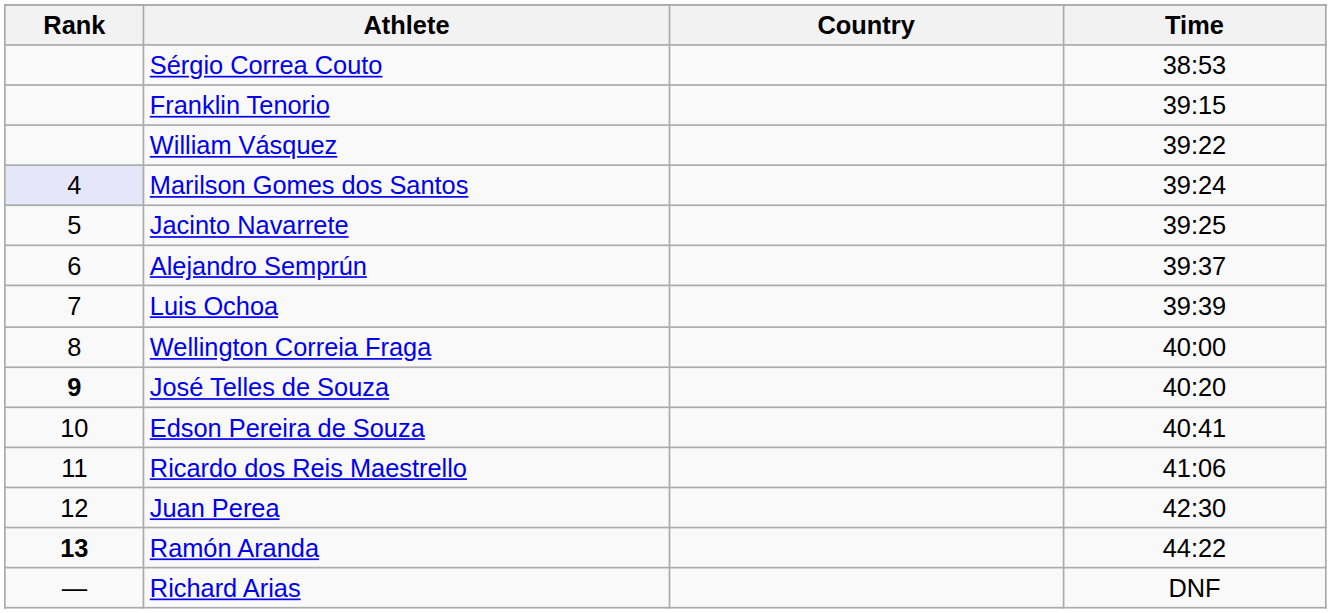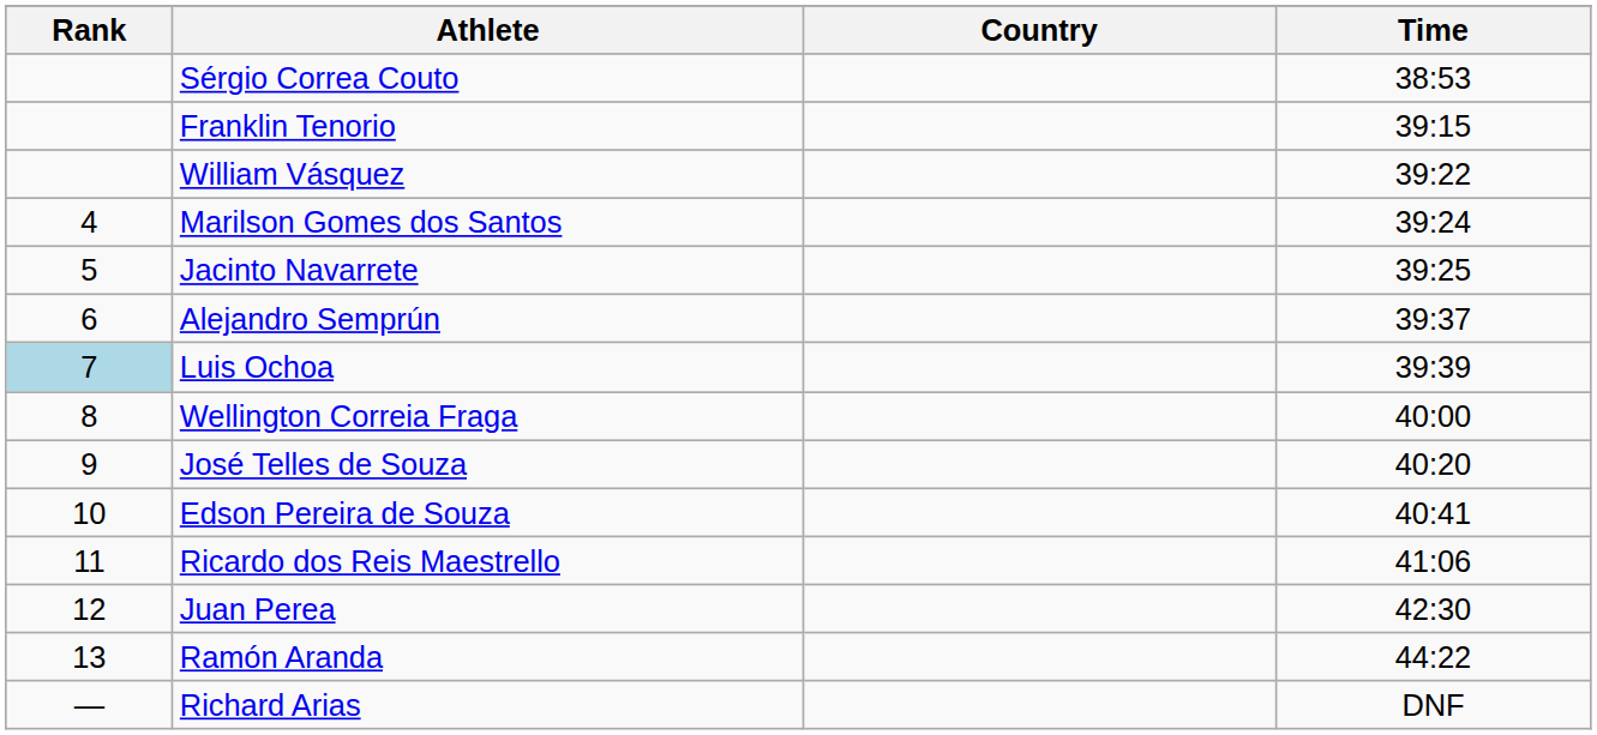 <table class="wikitable sortable" style=" text-align:center; font-size:95%;" width="50%">
 <tr>
 </tr>
 <tr>
 <th width=5%>Rank</th>
 <th width=20%>Athlete</th>
 <th width=15%>Country</th>
 <th width=10%>Time</th>
 </tr>
 <tr>
 <td align=center></td>
 <td align=left><a href='#'>Sérgio Correa Couto</a></td>
 <td align=left></td>
 <td>38:53</td>
 </tr>
 <tr>
 <td align=center></td>
 <td align=left><a href='#'>Franklin Tenorio</a></td>
 <td align=left></td>
 <td>39:15</td>
 </tr>
 <tr>
 <td align=center></td>
 <td align=left><a href='#'>William Vásquez</a></td>
 <td align=left></td>
 <td>39:22</td>
 </tr>
 <tr>
-<td align=center style="background: lavender;">4</td>
+<td align=center>4</td>
 <td align=left><a href='#'>Marilson Gomes dos Santos</a></td>
 <td align=left></td>
 <td>39:24</td>
 </tr>
 <tr>
 <td align=center>5</td>
 <td align=left><a href='#'>Jacinto Navarrete</a></td>
 <td align=left></td>
 <td>39:25</td>
 </tr>
 <tr>
 <td align=center>6</td>
 <td align=left><a href='#'>Alejandro Semprún</a></td>
 <td align=left></td>
 <td>39:37</td>
 </tr>
 <tr>
-<td align=center>7</td>
+<td align=center style="background: lightblue;">7</td>
 <td align=left><a href='#'>Luis Ochoa</a></td>
 <td align=left></td>
 <td>39:39</td>
 </tr>
 <tr>
 <td align=center>8</td>
 <td align=left><a href='#'>Wellington Correia Fraga</a></td>
 <td align=left></td>
 <td>40:00</td>
 </tr>
 <tr>
-<td align=center><strong>9</strong></td>
+<td align=center>9</td>
 <td align=left><a href='#'>José Telles de Souza</a></td>
 <td align=left></td>
 <td>40:20</td>
 </tr>
 <tr>
 <td align=center>10</td>
 <td align=left><a href='#'>Edson Pereira de Souza</a></td>
 <td align=left></td>
 <td>40:41</td>
 </tr>
 <tr>
 <td align=center>11</td>
 <td align=left><a href='#'>Ricardo dos Reis Maestrello</a></td>
 <td align=left></td>
 <td>41:06</td>
 </tr>
 <tr>
 <td align=center>12</td>
 <td align=left><a href='#'>Juan Perea</a></td>
 <td align=left></td>
 <td>42:30</td>
 </tr>
 <tr>
-<td align=center><strong>13</strong></td>
+<td align=center>13</td>
 <td align=left><a href='#'>Ramón Aranda</a></td>
 <td align=left></td>
 <td>44:22</td>
 </tr>
 <tr>
 <td align=center>—</td>
 <td align=left><a href='#'>Richard Arias</a></td>
 <td align=left></td>
 <td>DNF</td>
 </tr>
 </table>
